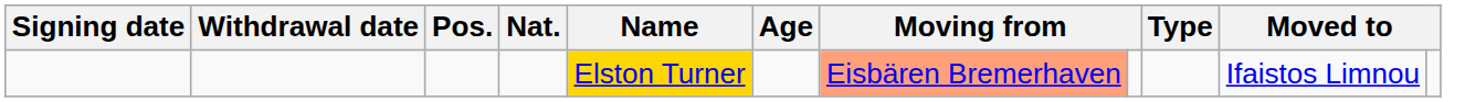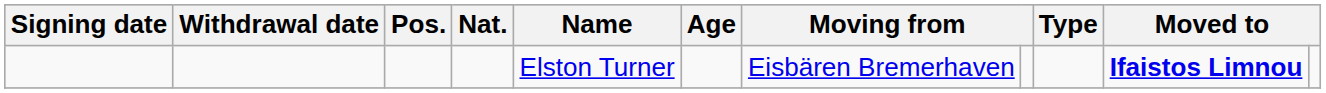 <table class="wikitable sortable">
 <tr>
 <th>Signing date</th>
 <th>Withdrawal date</th>
 <th>Pos.</th>
 <th>Nat.</th>
 <th>Name</th>
 <th>Age</th>
 <th colspan=2>Moving from</th>
 <th>Type</th>
 <th colspan=2>Moved to</th>
 </tr>
 <tr>
 <td></td>
 <td></td>
 <td></td>
 <td></td>
-<td style="background: gold;"><a href='#'>Elston Turner</a></td>
+<td><a href='#'>Elston Turner</a></td>
 <td></td>
-<td style="background: lightsalmon;"><a href='#'>Eisbären Bremerhaven</a></td>
+<td><a href='#'>Eisbären Bremerhaven</a></td>
 <td></td>
 <td></td>
-<td><a href='#'>Ifaistos Limnou</a></td>
+<td><strong><a href='#'>Ifaistos Limnou</a></strong></td>
 <td></td>
 </tr>
 </table>
